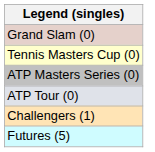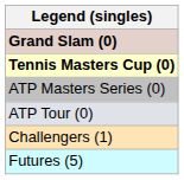 <table class="wikitable sortable mw-collapsible mw-collapsed">
 <tr>
 <th>Legend (singles)</th>
 </tr>
 <tr bgcolor="#e5d1cb">
-<td>Grand Slam (0)</td>
+<td><strong>Grand Slam (0)</strong></td>
 </tr>
 <tr bgcolor="ffffcc">
-<td>Tennis Masters Cup (0)</td>
+<td><strong>Tennis Masters Cup (0)</strong></td>
 </tr>
 <tr bgcolor="silver">
 <td>ATP Masters Series (0)</td>
 </tr>
 <tr bgcolor="#dfe2e9">
 <td>ATP Tour (0)</td>
 </tr>
 <tr bgcolor="moccasin">
 <td>Challengers (1)</td>
 </tr>
 <tr bgcolor="CFFCFF">
 <td>Futures (5)</td>
 </tr>
 </table>
